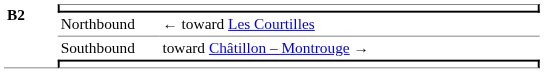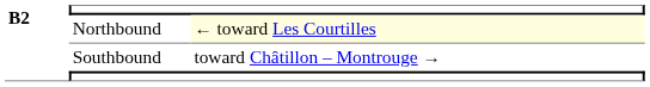 <table border=0 cellspacing=0 cellpadding=3>
 <tr>
 <td style="border-bottom:solid 1px gray;" width=50 rowspan=10 valign=top><strong>B2</strong></td>
 <td style="border-top:solid 1px gray;border-right:solid 2px black;border-left:solid 2px black;border-bottom:solid 2px black;text-align:center;" colspan=2></td>
 </tr>
 <tr>
 <td style="border-bottom:solid 1px gray;" width=100>Northbound</td>
-<td style="border-bottom:solid 1px gray;" width=390>←   toward <a href='#'>Les Courtilles</a> </td>
+<td style="background: lightyellow; border-bottom:solid 1px gray;" width=390>←   toward <a href='#'>Les Courtilles</a> </td>
 </tr>
 <tr>
 <td>Southbound</td>
 <td>   toward <a href='#'>Châtillon – Montrouge</a>  →</td>
 </tr>
 <tr>
 <td style="border-top:solid 2px black;border-right:solid 2px black;border-left:solid 2px black;border-bottom:solid 1px gray;text-align:center;" colspan=2></td>
 </tr>
 </table>
